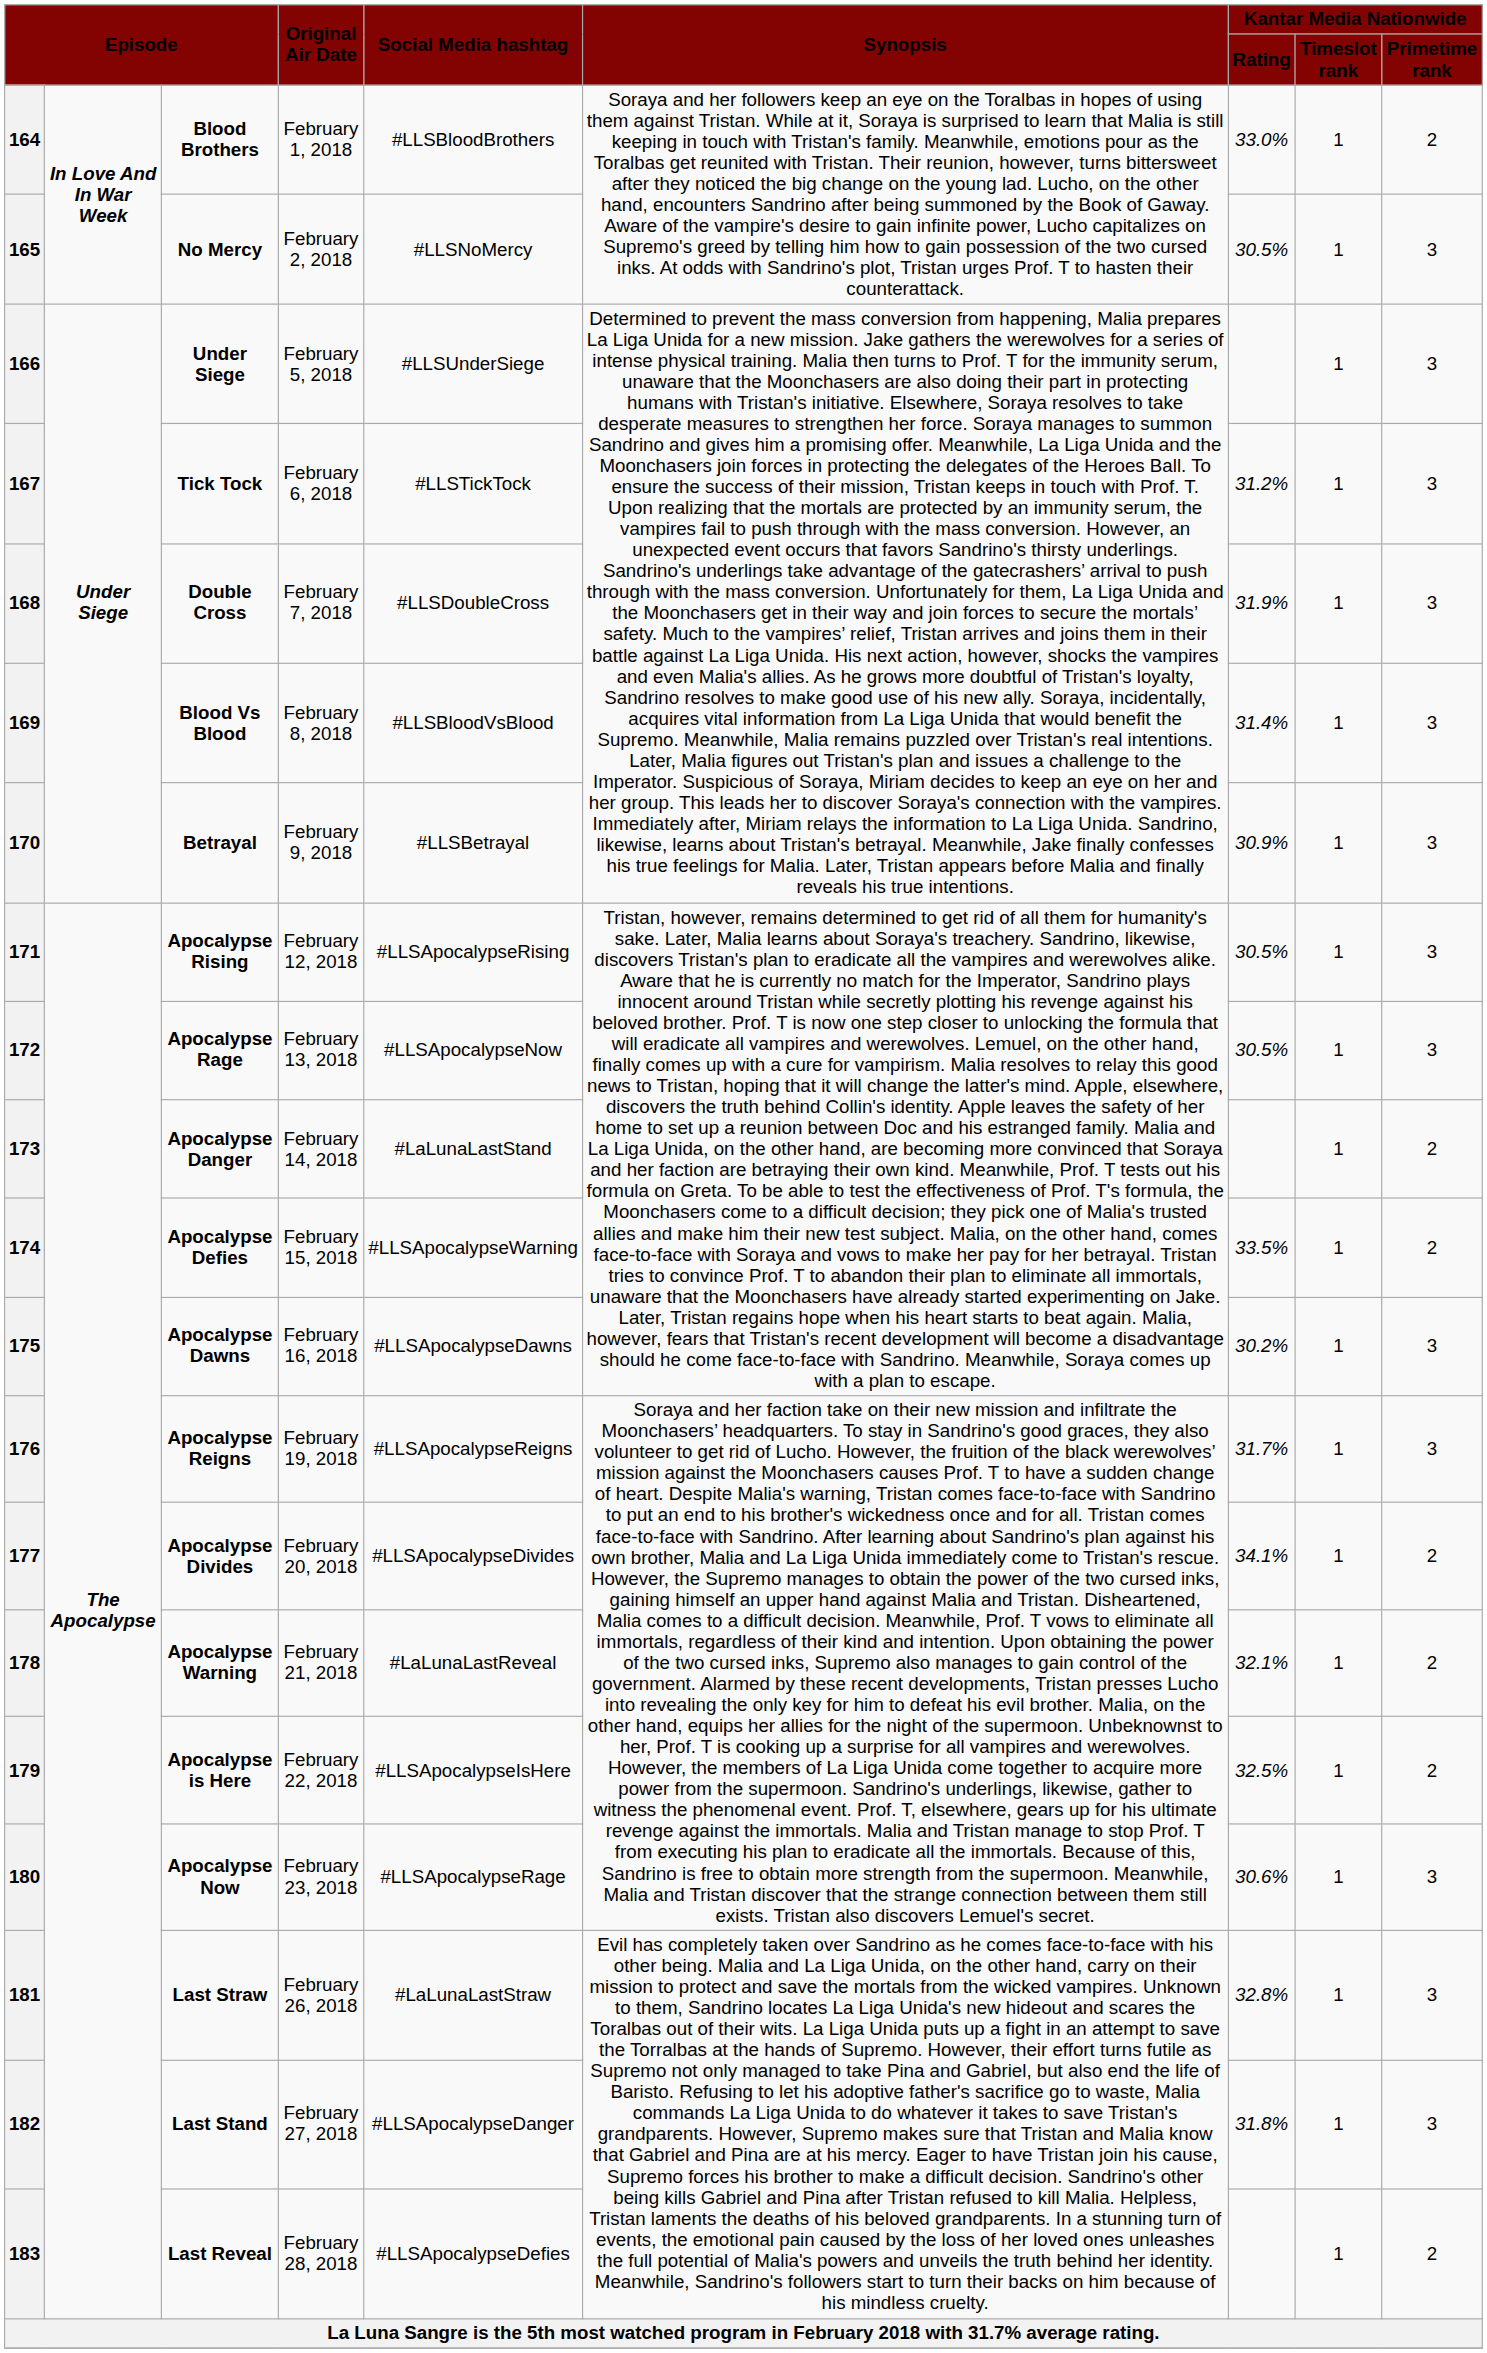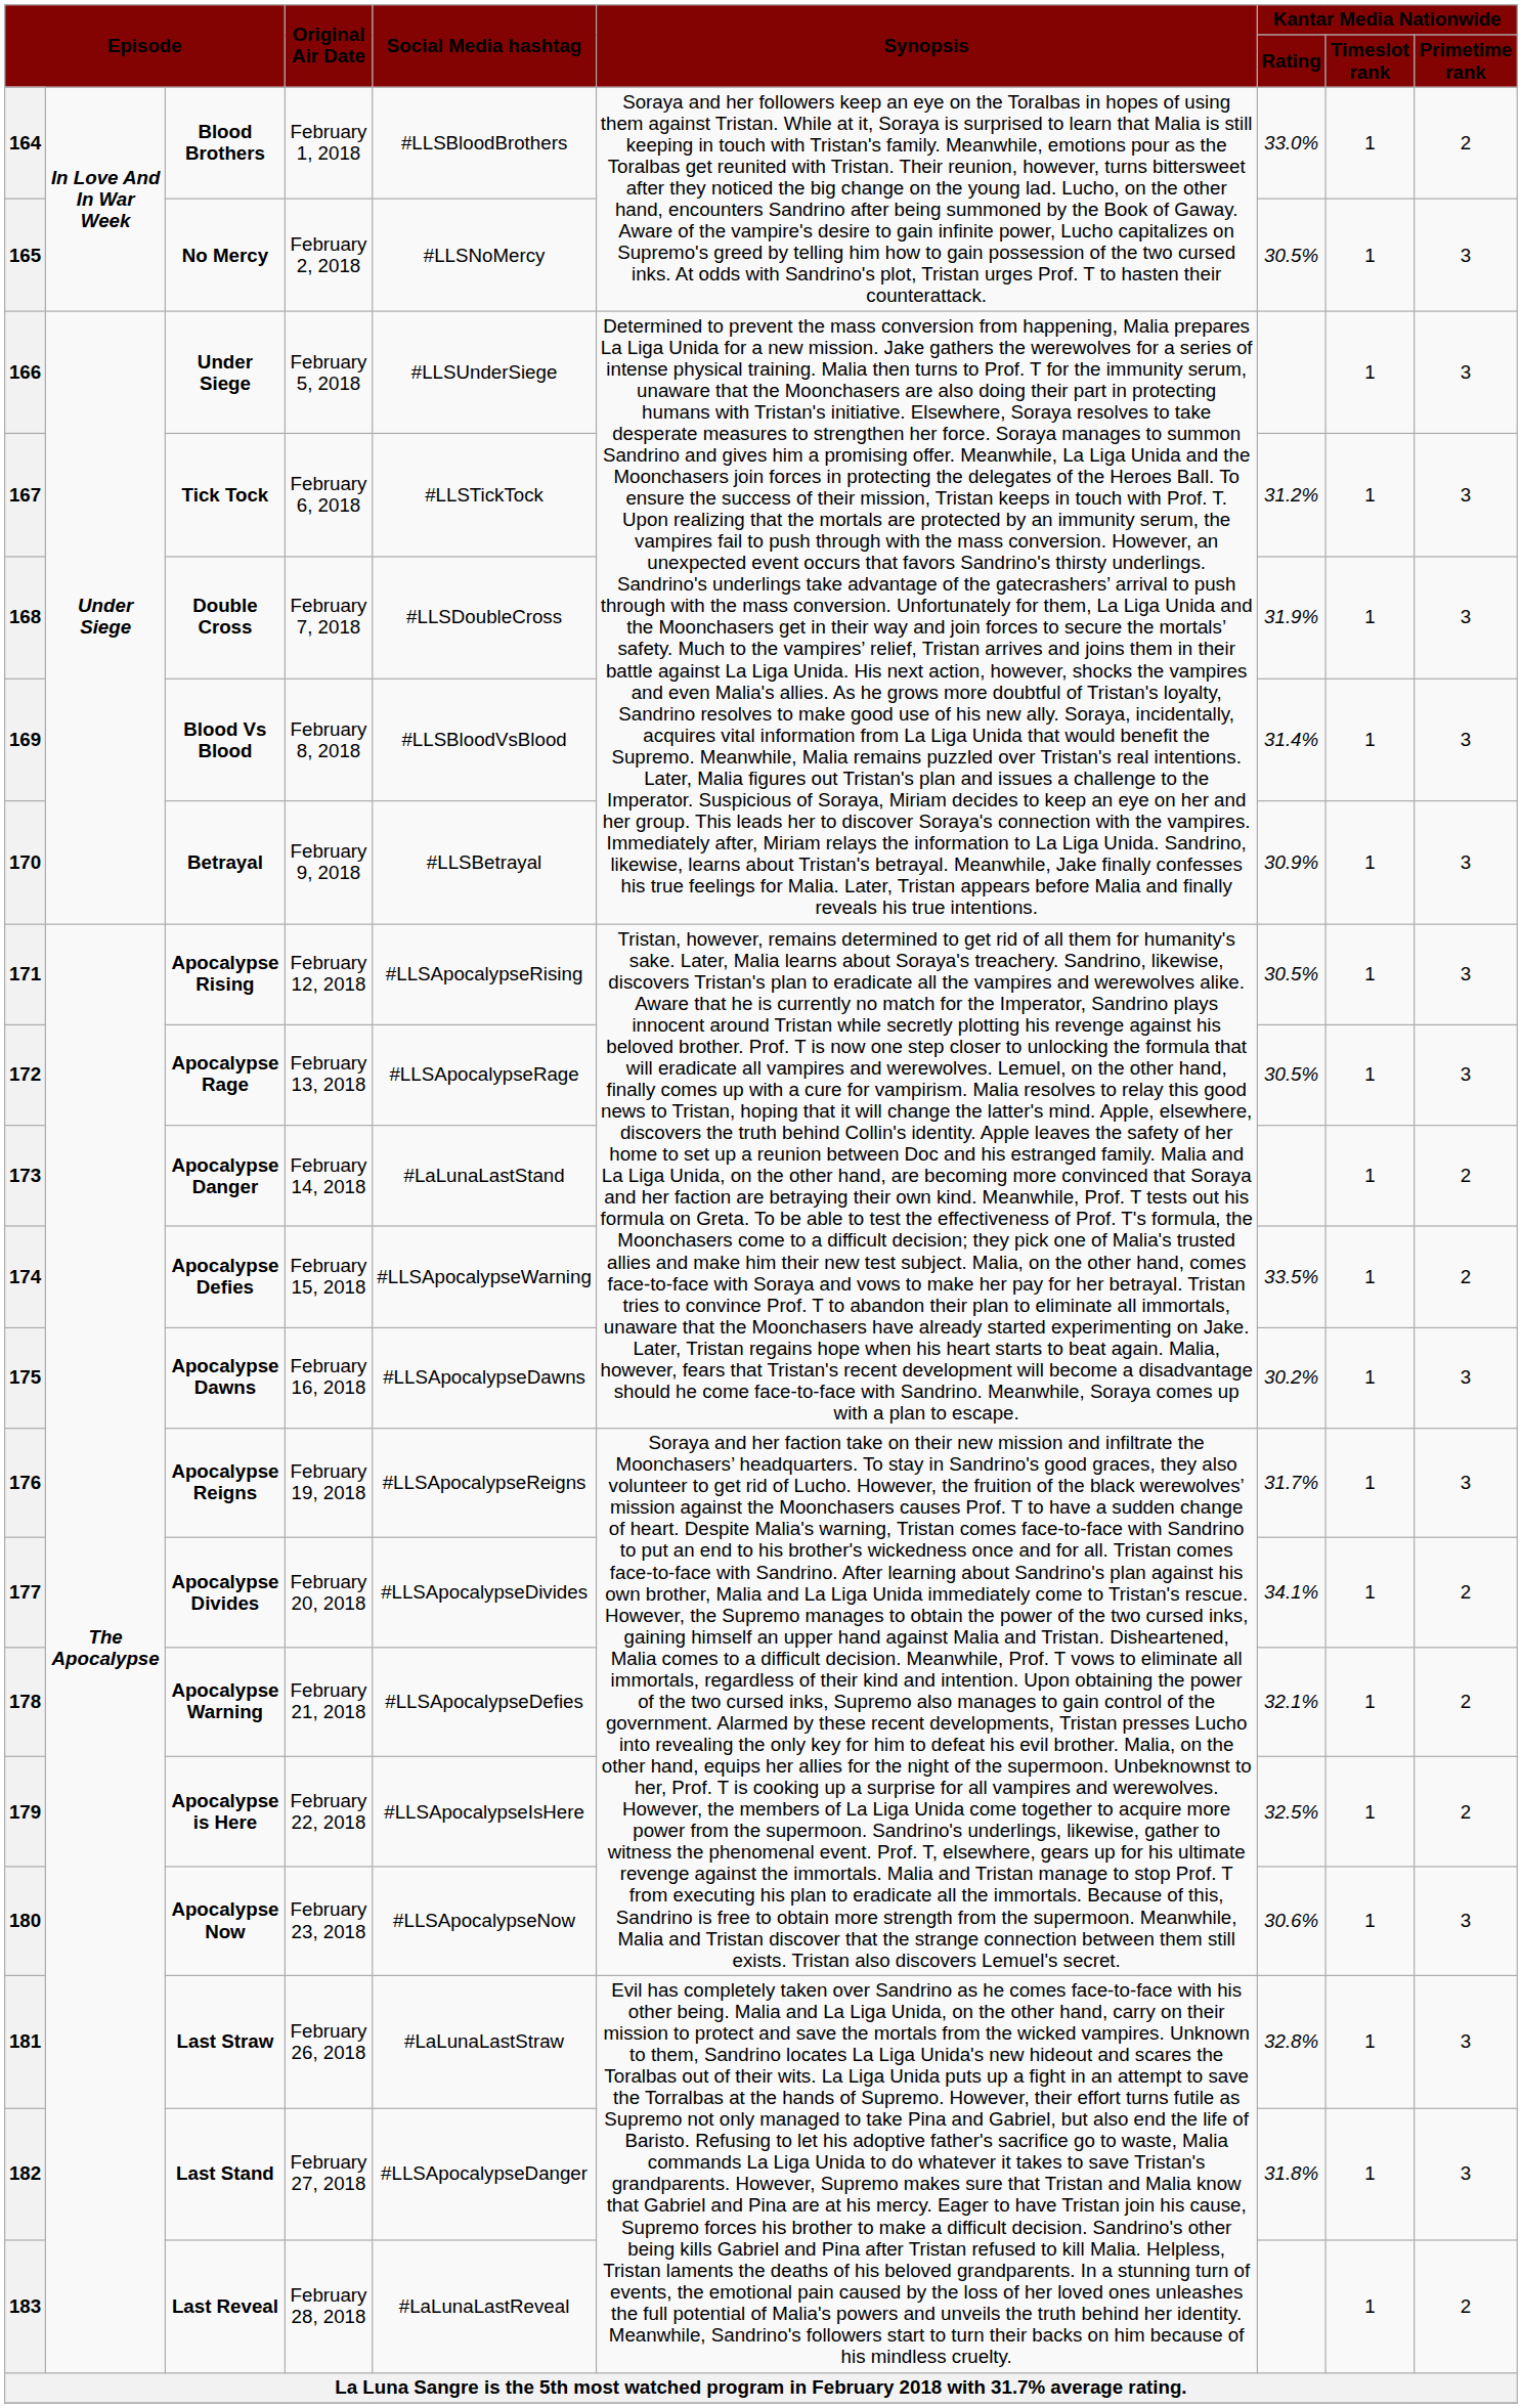 <table class="wikitable" style="text-align:center; font-size:100%; line-height:18px;"  width="100%">
 <tr>
 <th style="background-color:#830303; color:#000000;" colspan="3" rowspan="2">Episode</th>
 <th style="background-color:#830303; color:#000000;" rowspan="2">Original Air Date</th>
 <th style="background-color:#830303; color:#000000;" rowspan="2">Social Media hashtag</th>
 <th style="background-color:#830303; color:#000000;" rowspan="2">Synopsis</th>
 <th style="background-color:#830303; color:#000000;" colspan="3">Kantar Media Nationwide</th>
 </tr>
 <tr>
 <th style="background-color:#830303; color:#000000;">Rating</th>
 <th style="background-color:#830303; color:#000000;">Timeslot rank</th>
 <th style="background-color:#830303; color:#000000;">Primetime rank</th>
 </tr>
 <tr>
 <th>164</th>
 <td rowspan="2"><strong><em>In Love And In War Week</em></strong></td>
 <td><strong>Blood Brothers</strong></td>
 <td>February 1, 2018</td>
 <td>#LLSBloodBrothers</td>
 <td rowspan="2">Soraya and her followers keep an eye on the Toralbas in hopes of using them against Tristan. While at it, Soraya is surprised to learn that Malia is still keeping in touch with Tristan's family. Meanwhile, emotions pour as the Toralbas get reunited with Tristan. Their reunion, however, turns bittersweet after they noticed the big change on the young lad. Lucho, on the other hand, encounters Sandrino after being summoned by the Book of Gaway. Aware of the vampire's desire to gain infinite power, Lucho capitalizes on Supremo's greed by telling him how to gain possession of the two cursed inks. At odds with Sandrino's plot, Tristan urges Prof. T to hasten their counterattack.</td>
 <td><em>33.0%</em></td>
 <td>1</td>
 <td>2</td>
 </tr>
 <tr>
 <th>165</th>
 <td><strong>No Mercy</strong></td>
 <td>February 2, 2018</td>
 <td>#LLSNoMercy</td>
 <td><em>30.5%</em></td>
 <td>1</td>
 <td>3</td>
 </tr>
 <tr>
 <th>166</th>
 <td rowspan="5"><strong><em>Under Siege</em></strong></td>
 <td><strong>Under Siege</strong></td>
 <td>February 5, 2018</td>
 <td>#LLSUnderSiege</td>
 <td rowspan="5">Determined to prevent the mass conversion from happening, Malia prepares La Liga Unida for a new mission. Jake gathers the werewolves for a series of intense physical training. Malia then turns to Prof. T for the immunity serum, unaware that the Moonchasers are also doing their part in protecting humans with Tristan's initiative. Elsewhere, Soraya resolves to take desperate measures to strengthen her force. Soraya manages to summon Sandrino and gives him a promising offer. Meanwhile, La Liga Unida and the Moonchasers join forces in protecting the delegates of the Heroes Ball. To ensure the success of their mission, Tristan keeps in touch with Prof. T. Upon realizing that the mortals are protected by an immunity serum, the vampires fail to push through with the mass conversion. However, an unexpected event occurs that favors Sandrino's thirsty underlings. Sandrino's underlings take advantage of the gatecrashers’ arrival to push through with the mass conversion. Unfortunately for them, La Liga Unida and the Moonchasers get in their way and join forces to secure the mortals’ safety. Much to the vampires’ relief, Tristan arrives and joins them in their battle against La Liga Unida. His next action, however, shocks the vampires and even Malia's allies. As he grows more doubtful of Tristan's loyalty, Sandrino resolves to make good use of his new ally. Soraya, incidentally, acquires vital information from La Liga Unida that would benefit the Supremo. Meanwhile, Malia remains puzzled over Tristan's real intentions. Later, Malia figures out Tristan's plan and issues a challenge to the Imperator. Suspicious of Soraya, Miriam decides to keep an eye on her and her group. This leads her to discover Soraya's connection with the vampires. Immediately after, Miriam relays the information to La Liga Unida. Sandrino, likewise, learns about Tristan's betrayal. Meanwhile, Jake finally confesses his true feelings for Malia. Later, Tristan appears before Malia and finally reveals his true intentions.</td>
 <td></td>
 <td>1</td>
 <td>3</td>
 </tr>
 <tr>
 <th>167</th>
 <td><strong>Tick Tock</strong></td>
 <td>February 6, 2018</td>
 <td>#LLSTickTock</td>
 <td><em>31.2%</em></td>
 <td>1</td>
 <td>3</td>
 </tr>
 <tr>
 <th>168</th>
 <td><strong>Double Cross</strong></td>
 <td>February 7, 2018</td>
 <td>#LLSDoubleCross</td>
 <td><em>31.9%</em></td>
 <td>1</td>
 <td>3</td>
 </tr>
 <tr>
 <th>169</th>
 <td><strong>Blood Vs Blood</strong></td>
 <td>February 8, 2018</td>
 <td>#LLSBloodVsBlood</td>
 <td><em>31.4%</em></td>
 <td>1</td>
 <td>3</td>
 </tr>
 <tr>
 <th>170</th>
 <td><strong>Betrayal</strong></td>
 <td>February 9, 2018</td>
 <td>#LLSBetrayal</td>
 <td><em>30.9%</em></td>
 <td>1</td>
 <td>3</td>
 </tr>
 <tr>
 <th>171</th>
 <td rowspan="13"><strong><em>The Apocalypse</em></strong></td>
 <td><strong>Apocalypse Rising</strong></td>
 <td>February 12, 2018</td>
 <td>#LLSApocalypseRising</td>
 <td rowspan="5">Tristan, however, remains determined to get rid of all them for humanity's sake. Later, Malia learns about Soraya's treachery. Sandrino, likewise, discovers Tristan's plan to eradicate all the vampires and werewolves alike. Aware that he is currently no match for the Imperator, Sandrino plays innocent around Tristan while secretly plotting his revenge against his beloved brother. Prof. T is now one step closer to unlocking the formula that will eradicate all vampires and werewolves. Lemuel, on the other hand, finally comes up with a cure for vampirism. Malia resolves to relay this good news to Tristan, hoping that it will change the latter's mind. Apple, elsewhere, discovers the truth behind Collin's identity. Apple leaves the safety of her home to set up a reunion between Doc and his estranged family. Malia and La Liga Unida, on the other hand, are becoming more convinced that Soraya and her faction are betraying their own kind. Meanwhile, Prof. T tests out his formula on Greta. To be able to test the effectiveness of Prof. T's formula, the Moonchasers come to a difficult decision; they pick one of Malia's trusted allies and make him their new test subject. Malia, on the other hand, comes face-to-face with Soraya and vows to make her pay for her betrayal. Tristan tries to convince Prof. T to abandon their plan to eliminate all immortals, unaware that the Moonchasers have already started experimenting on Jake. Later, Tristan regains hope when his heart starts to beat again. Malia, however, fears that Tristan's recent development will become a disadvantage should he come face-to-face with Sandrino. Meanwhile, Soraya comes up with a plan to escape.</td>
 <td><em>30.5%</em></td>
 <td>1</td>
 <td>3</td>
 </tr>
 <tr>
 <th>172</th>
 <td><strong>Apocalypse Rage</strong></td>
 <td>February 13, 2018</td>
-<td>#LLSApocalypseNow</td>
+<td>#LLSApocalypseRage</td>
 <td><em>30.5%</em></td>
 <td>1</td>
 <td>3</td>
 </tr>
 <tr>
 <th>173</th>
 <td><strong>Apocalypse Danger</strong></td>
 <td>February 14, 2018</td>
 <td>#LaLunaLastStand</td>
 <td></td>
 <td>1</td>
 <td>2</td>
 </tr>
 <tr>
 <th>174</th>
 <td><strong>Apocalypse Defies</strong></td>
 <td>February 15, 2018</td>
 <td>#LLSApocalypseWarning</td>
 <td><em>33.5%</em></td>
 <td>1</td>
 <td>2</td>
 </tr>
 <tr>
 <th>175</th>
 <td><strong>Apocalypse Dawns</strong></td>
 <td>February 16, 2018</td>
 <td>#LLSApocalypseDawns</td>
 <td><em>30.2%</em></td>
 <td>1</td>
 <td>3</td>
 </tr>
 <tr>
 <th>176</th>
 <td><strong>Apocalypse Reigns</strong></td>
 <td>February 19, 2018</td>
 <td>#LLSApocalypseReigns</td>
 <td rowspan="5">Soraya and her faction take on their new mission and infiltrate the Moonchasers’ headquarters. To stay in Sandrino's good graces, they also volunteer to get rid of Lucho. However, the fruition of the black werewolves’ mission against the Moonchasers causes Prof. T to have a sudden change of heart. Despite Malia's warning, Tristan comes face-to-face with Sandrino to put an end to his brother's wickedness once and for all. Tristan comes face-to-face with Sandrino. After learning about Sandrino's plan against his own brother, Malia and La Liga Unida immediately come to Tristan's rescue. However, the Supremo manages to obtain the power of the two cursed inks, gaining himself an upper hand against Malia and Tristan. Disheartened, Malia comes to a difficult decision. Meanwhile, Prof. T vows to eliminate all immortals, regardless of their kind and intention. Upon obtaining the power of the two cursed inks, Supremo also manages to gain control of the government. Alarmed by these recent developments, Tristan presses Lucho into revealing the only key for him to defeat his evil brother. Malia, on the other hand, equips her allies for the night of the supermoon. Unbeknownst to her, Prof. T is cooking up a surprise for all vampires and werewolves. However, the members of La Liga Unida come together to acquire more power from the supermoon. Sandrino's underlings, likewise, gather to witness the phenomenal event. Prof. T, elsewhere, gears up for his ultimate revenge against the immortals. Malia and Tristan manage to stop Prof. T from executing his plan to eradicate all the immortals. Because of this, Sandrino is free to obtain more strength from the supermoon. Meanwhile, Malia and Tristan discover that the strange connection between them still exists. Tristan also discovers Lemuel's secret.</td>
 <td><em>31.7%</em></td>
 <td>1</td>
 <td>3</td>
 </tr>
 <tr>
 <th>177</th>
 <td><strong>Apocalypse Divides</strong></td>
 <td>February 20, 2018</td>
 <td>#LLSApocalypseDivides</td>
 <td><em>34.1%</em></td>
 <td>1</td>
 <td>2</td>
 </tr>
 <tr>
 <th>178</th>
 <td><strong>Apocalypse Warning</strong></td>
 <td>February 21, 2018</td>
-<td>#LaLunaLastReveal</td>
+<td>#LLSApocalypseDefies</td>
 <td><em>32.1%</em></td>
 <td>1</td>
 <td>2</td>
 </tr>
 <tr>
 <th>179</th>
 <td><strong>Apocalypse is Here</strong></td>
 <td>February 22, 2018</td>
 <td>#LLSApocalypseIsHere</td>
 <td><em>32.5%</em></td>
 <td>1</td>
 <td>2</td>
 </tr>
 <tr>
 <th>180</th>
 <td><strong>Apocalypse Now</strong></td>
 <td>February 23, 2018</td>
-<td>#LLSApocalypseRage</td>
+<td>#LLSApocalypseNow</td>
 <td><em>30.6%</em></td>
 <td>1</td>
 <td>3</td>
 </tr>
 <tr>
 <th>181</th>
 <td><strong>Last Straw</strong></td>
 <td>February 26, 2018</td>
 <td>#LaLunaLastStraw</td>
 <td rowspan="3">Evil has completely taken over Sandrino as he comes face-to-face with his other being. Malia and La Liga Unida, on the other hand, carry on their mission to protect and save the mortals from the wicked vampires. Unknown to them, Sandrino locates La Liga Unida's new hideout and scares the Toralbas out of their wits. La Liga Unida puts up a fight in an attempt to save the Torralbas at the hands of Supremo. However, their effort turns futile as Supremo not only managed to take Pina and Gabriel, but also end the life of Baristo. Refusing to let his adoptive father's sacrifice go to waste, Malia commands La Liga Unida to do whatever it takes to save Tristan's grandparents. However, Supremo makes sure that Tristan and Malia know that Gabriel and Pina are at his mercy. Eager to have Tristan join his cause, Supremo forces his brother to make a difficult decision. Sandrino's other being kills Gabriel and Pina after Tristan refused to kill Malia. Helpless, Tristan laments the deaths of his beloved grandparents. In a stunning turn of events, the emotional pain caused by the loss of her loved ones unleashes the full potential of Malia's powers and unveils the truth behind her identity. Meanwhile, Sandrino's followers start to turn their backs on him because of his mindless cruelty.</td>
 <td><em>32.8%</em></td>
 <td>1</td>
 <td>3</td>
 </tr>
 <tr>
 <th>182</th>
 <td><strong>Last Stand</strong></td>
 <td>February 27, 2018</td>
 <td>#LLSApocalypseDanger</td>
 <td><em>31.8%</em></td>
 <td>1</td>
 <td>3</td>
 </tr>
 <tr>
 <th>183</th>
 <td><strong>Last Reveal</strong></td>
 <td>February 28, 2018</td>
-<td>#LLSApocalypseDefies</td>
+<td>#LaLunaLastReveal</td>
 <td></td>
 <td>1</td>
 <td>2</td>
 </tr>
 <tr>
 <th colspan = "9" style="text-align: center; border-: 3px solid #ffba31;">La Luna Sangre is the 5th most watched program in February 2018 with 31.7% average rating.</th>
 </tr>
 <tr>
 </tr>
 </table>
